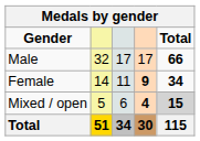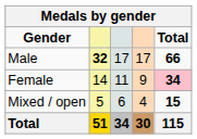 <table class="wikitable" style="font-size:85%;float:right;text-align:center">
 <tr style="background:#efefef;">
 <th colspan=7>Medals by gender</th>
 </tr>
 <tr>
 <td><strong>Gender</strong></td>
 <td bgcolor=#f7f6a8></td>
 <td bgcolor=#dce5e5></td>
 <td bgcolor=#ffdab9></td>
 <td><strong>Total</strong></td>
 </tr>
 <tr>
 <td style="text-align:left;">Male</td>
-<td style="background:#F7F6A8;">32</td>
+<td style="background:#F7F6A8;"><strong>32</strong></td>
 <td style="background:#DCE5E5;">17</td>
 <td style="background:#FFDAB9;">17</td>
 <td><strong>66</strong></td>
 </tr>
 <tr>
 <td style="text-align:left;">Female</td>
 <td style="background:#F7F6A8;">14</td>
 <td style="background:#DCE5E5;">11</td>
-<td style="background:#FFDAB9;"><strong>9</strong></td>
-<td><strong>34</strong></td>
+<td style="background:#FFDAB9;">9</td>
+<td style="background: pink;"><strong>34</strong></td>
 </tr>
 <tr>
 <td style="text-align:left;">Mixed / open</td>
 <td style="background:#F7F6A8;">5</td>
 <td style="background:#DCE5E5;">6</td>
-<td style="background:#FFDAB9;"><strong>4</strong></td>
-<td style="background: lightgrey;"><strong>15</strong></td>
+<td style="background:#FFDAB9;">4</td>
+<td><strong>15</strong></td>
 </tr>
 <tr>
 <th style="text-align:left;">Total</th>
 <th style="background:gold;">51</th>
 <th style="background:silver;">34</th>
 <th style="background:#c96;">30</th>
 <th>115</th>
 </tr>
 </table>
